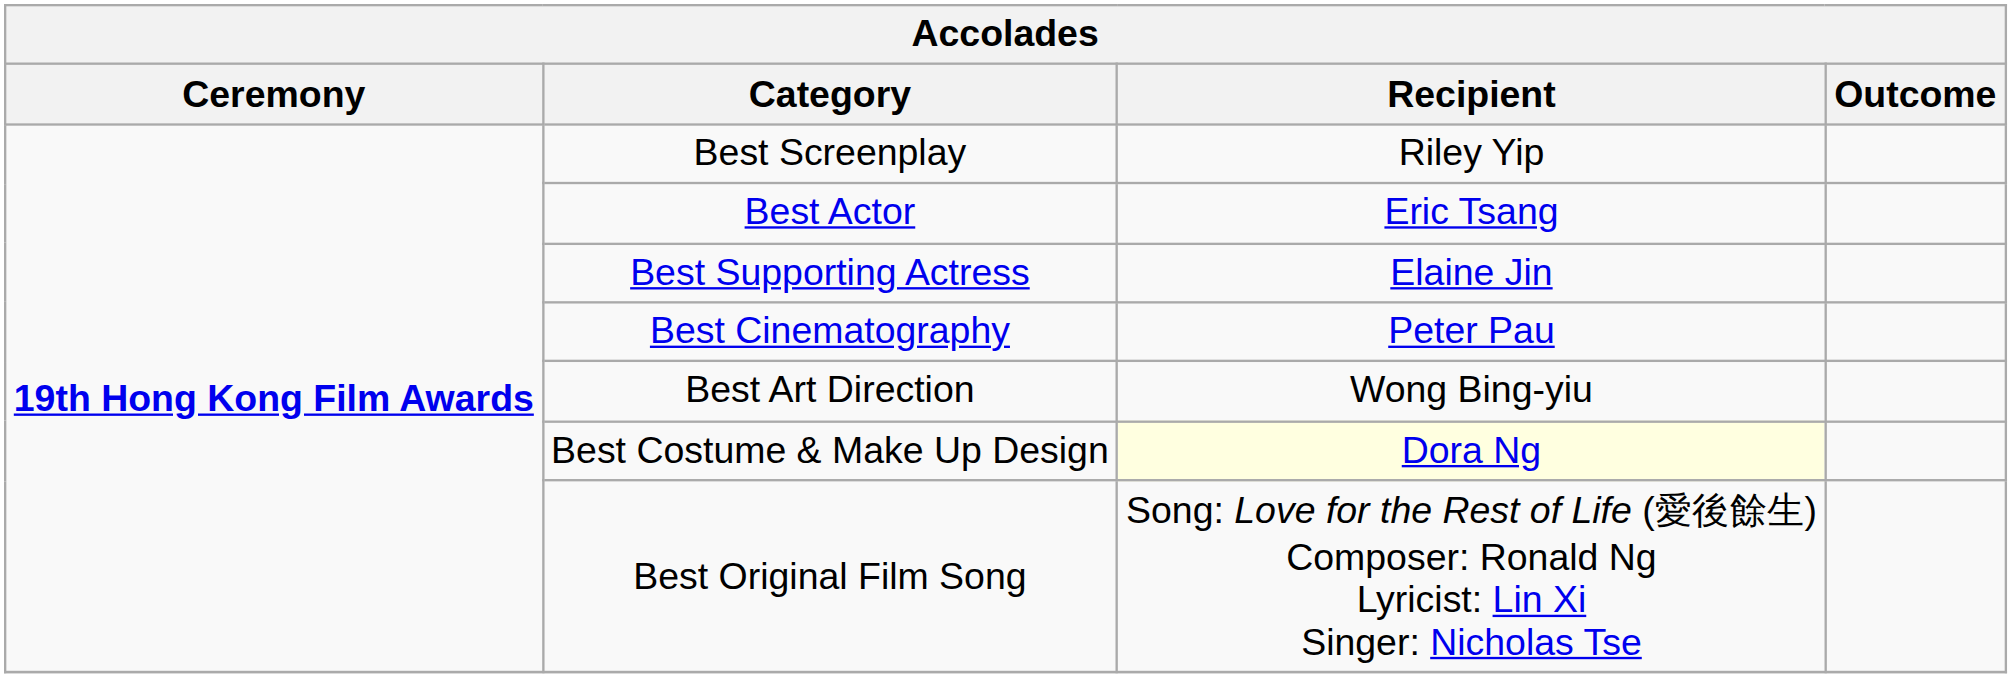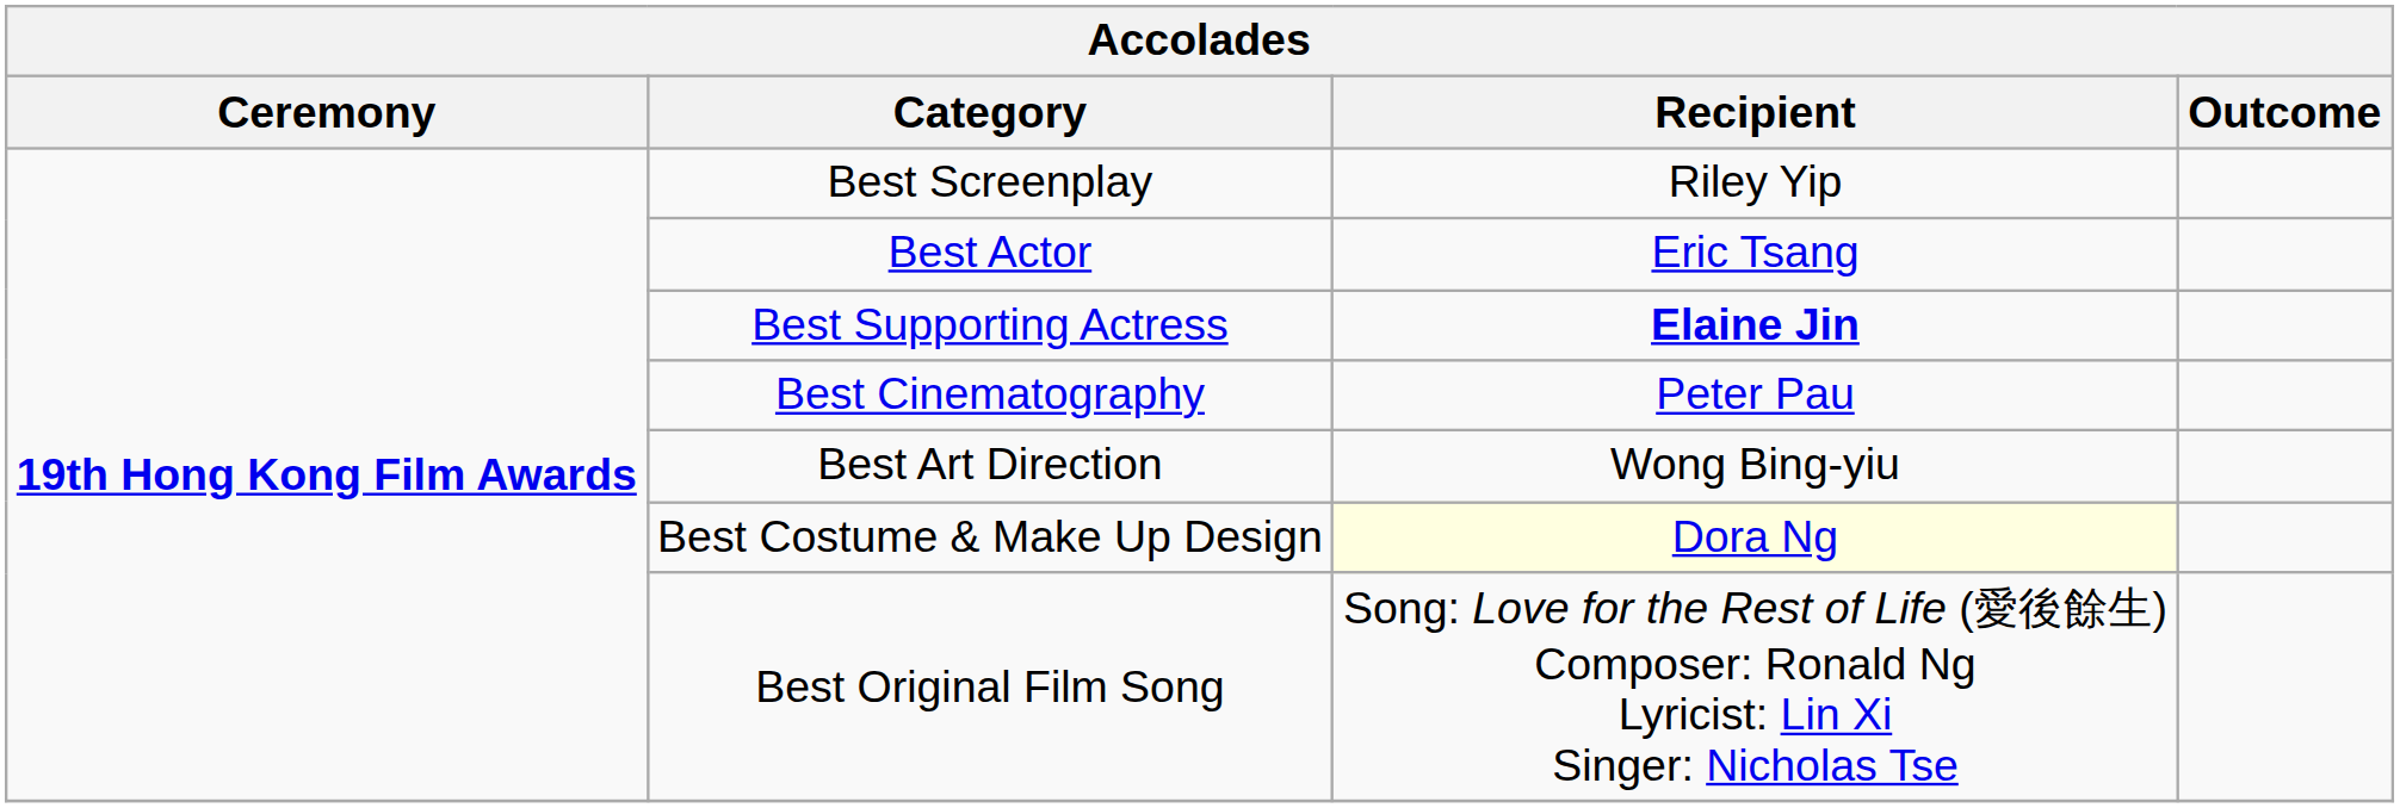 <table class="wikitable" style="text-align:center;">
 <tr>
 <th colspan="4">Accolades</th>
 </tr>
 <tr style="text-align:center;">
 <th>Ceremony</th>
 <th>Category</th>
 <th>Recipient</th>
 <th>Outcome</th>
 </tr>
 <tr>
 <td rowspan=7><strong><a href='#'>19th Hong Kong Film Awards</a></strong></td>
 <td>Best Screenplay</td>
 <td>Riley Yip</td>
 <td></td>
 </tr>
 <tr>
 <td><a href='#'>Best Actor</a></td>
 <td><a href='#'>Eric Tsang</a></td>
 <td></td>
 </tr>
 <tr>
 <td><a href='#'>Best Supporting Actress</a></td>
-<td><a href='#'>Elaine Jin</a></td>
+<td><strong><a href='#'>Elaine Jin</a></strong></td>
 <td></td>
 </tr>
 <tr>
 <td><a href='#'>Best Cinematography</a></td>
 <td><a href='#'>Peter Pau</a></td>
 <td></td>
 </tr>
 <tr>
 <td>Best Art Direction</td>
 <td>Wong Bing-yiu</td>
 <td></td>
 </tr>
 <tr>
 <td>Best Costume & Make Up Design</td>
 <td style="background: lightyellow;"><a href='#'>Dora Ng</a></td>
 <td></td>
 </tr>
 <tr>
 <td>Best Original Film Song</td>
 <td>Song: <em>Love for the Rest of Life</em> (愛後餘生)<br>Composer: Ronald Ng <br>Lyricist: <a href='#'>Lin Xi</a> <br>Singer: <a href='#'>Nicholas Tse</a></td>
 <td></td>
 </tr>
 <tr>
 </tr>
 </table>
